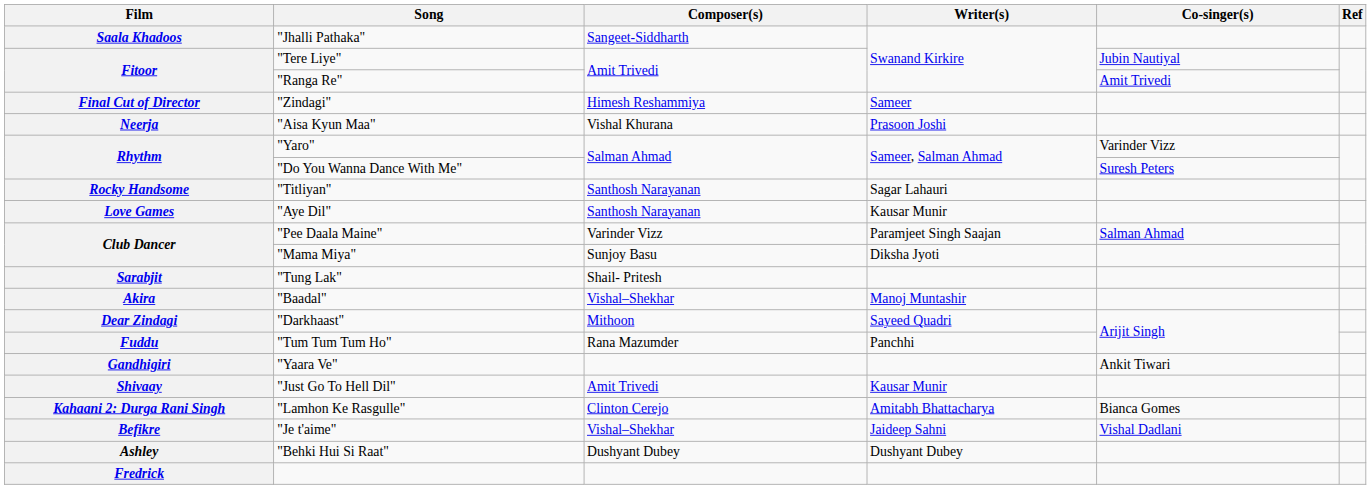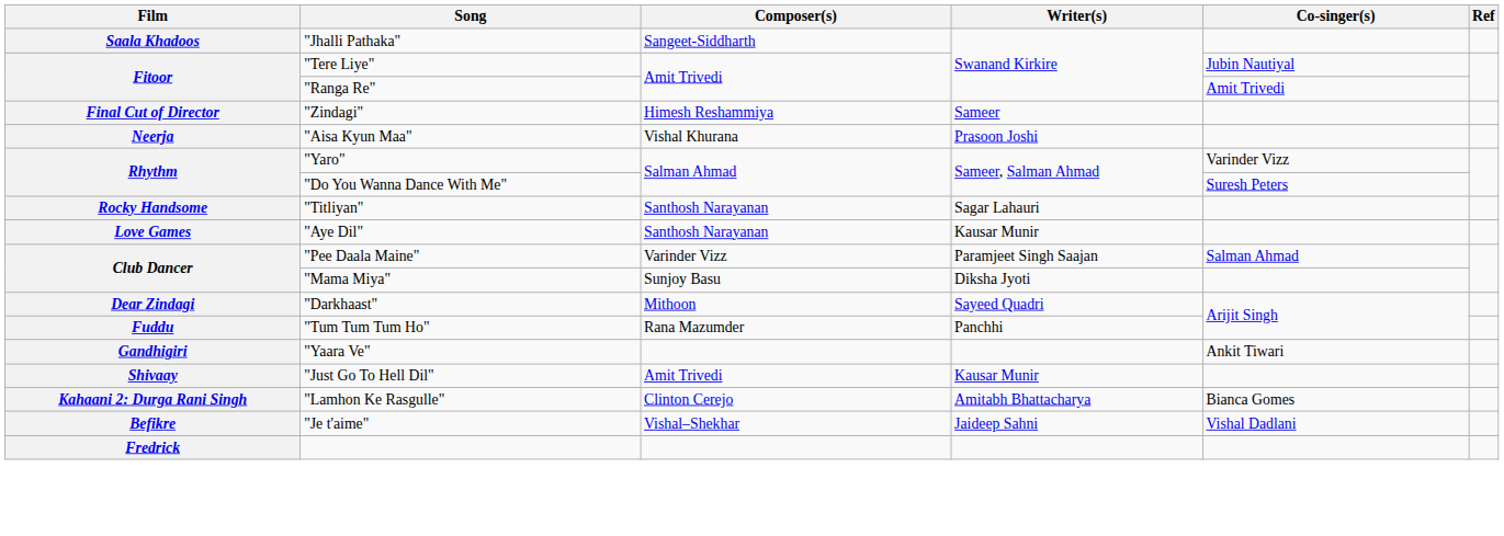 <table class="wikitable plainrowheaders" width="100%">
 <tr>
 <th width=20%>Film</th>
 <th width=23%>Song</th>
 <th width=21%>Composer(s)</th>
 <th width=17%>Writer(s)</th>
 <th width=18%>Co-singer(s)</th>
 <th width=1%>Ref</th>
 </tr>
 <tr>
 <th scope="row"><em><a href='#'>Saala Khadoos</a></em></th>
 <td>"Jhalli Pathaka"</td>
 <td><a href='#'>Sangeet-Siddharth</a></td>
 <td rowspan="3"><a href='#'>Swanand Kirkire</a></td>
 <td></td>
 <td></td>
 </tr>
 <tr>
 <th scope="row" rowspan="2"><em><a href='#'>Fitoor</a></em></th>
 <td>"Tere Liye"</td>
 <td rowspan="2"><a href='#'>Amit Trivedi</a></td>
 <td><a href='#'>Jubin Nautiyal</a></td>
 <td rowspan="2"></td>
 </tr>
 <tr>
 <td>"Ranga Re"</td>
 <td><a href='#'>Amit Trivedi</a></td>
 </tr>
 <tr>
 <th scope="row"><em><a href='#'>Final Cut of Director</a></em></th>
 <td>"Zindagi"</td>
 <td><a href='#'>Himesh Reshammiya</a></td>
 <td><a href='#'>Sameer</a></td>
 <td></td>
 <td></td>
 </tr>
 <tr>
 <th scope="row"><em><a href='#'>Neerja</a></em></th>
 <td>"Aisa Kyun Maa"</td>
 <td>Vishal Khurana</td>
 <td><a href='#'>Prasoon Joshi</a></td>
 <td></td>
 <td></td>
 </tr>
 <tr>
 <th scope="row" rowspan="2"><em><a href='#'>Rhythm</a></em></th>
 <td>"Yaro"</td>
 <td rowspan="2"><a href='#'>Salman Ahmad</a></td>
 <td rowspan="2"><a href='#'>Sameer</a>, <a href='#'>Salman Ahmad</a></td>
 <td>Varinder Vizz</td>
 <td rowspan="2"></td>
 </tr>
 <tr>
 <td>"Do You Wanna Dance With Me"</td>
 <td><a href='#'>Suresh Peters</a></td>
 </tr>
 <tr>
 <th scope="row"><em><a href='#'>Rocky Handsome</a></em></th>
 <td>"Titliyan"</td>
 <td><a href='#'>Santhosh Narayanan</a></td>
 <td>Sagar Lahauri</td>
 <td></td>
 <td></td>
 </tr>
 <tr>
 <th scope="row"><em><a href='#'>Love Games</a></em></th>
 <td>"Aye Dil"</td>
 <td><a href='#'>Santhosh Narayanan</a></td>
 <td>Kausar Munir</td>
 <td></td>
 <td></td>
 </tr>
 <tr>
 <th scope="row" rowspan="2"><em>Club Dancer</em></th>
 <td>"Pee Daala Maine"</td>
 <td>Varinder Vizz</td>
 <td>Paramjeet Singh Saajan</td>
 <td><a href='#'>Salman Ahmad</a></td>
 <td rowspan="2"></td>
 </tr>
 <tr>
 <td>"Mama Miya"</td>
 <td>Sunjoy Basu</td>
 <td>Diksha Jyoti</td>
 <td></td>
 </tr>
 <tr>
-<th scope="row"><em><a href='#'>Sarabjit</a></em></th>
-<td>"Tung Lak"</td>
-<td>Shail- Pritesh</td>
-<td></td>
-<td></td>
-<td></td>
-</tr>
-<tr>
-<th scope="row"><em><a href='#'>Akira</a></em></th>
-<td>"Baadal"</td>
-<td><a href='#'>Vishal–Shekhar</a></td>
-<td><a href='#'>Manoj Muntashir</a></td>
-<td></td>
-<td></td>
-</tr>
-<tr>
 <th scope="row"><em><a href='#'>Dear Zindagi</a></em></th>
 <td>"Darkhaast"</td>
 <td><a href='#'>Mithoon</a></td>
 <td><a href='#'>Sayeed Quadri</a></td>
 <td rowspan="2"><a href='#'>Arijit Singh</a></td>
 <td></td>
 </tr>
 <tr>
 <th scope="row"><em><a href='#'>Fuddu</a></em></th>
 <td>"Tum Tum Tum Ho"</td>
 <td>Rana Mazumder</td>
 <td>Panchhi</td>
 <td></td>
 </tr>
 <tr>
 <th scope="row"><em><a href='#'>Gandhigiri</a></em></th>
 <td>"Yaara Ve"</td>
 <td></td>
 <td></td>
 <td>Ankit Tiwari</td>
 <td></td>
 </tr>
 <tr>
 <th scope="row"><em><a href='#'>Shivaay</a></em></th>
 <td>"Just Go To Hell Dil"</td>
 <td><a href='#'>Amit Trivedi</a></td>
 <td><a href='#'>Kausar Munir</a></td>
 <td></td>
 <td></td>
 </tr>
 <tr>
 <th scope="row"><em><a href='#'>Kahaani 2: Durga Rani Singh</a></em></th>
 <td>"Lamhon Ke Rasgulle"</td>
 <td><a href='#'>Clinton Cerejo</a></td>
 <td><a href='#'>Amitabh Bhattacharya</a></td>
 <td>Bianca Gomes</td>
 <td></td>
 </tr>
 <tr>
 <th scope="row"><em><a href='#'>Befikre</a></em></th>
 <td>"Je t'aime"</td>
 <td><a href='#'>Vishal–Shekhar</a></td>
 <td><a href='#'>Jaideep Sahni</a></td>
 <td><a href='#'>Vishal Dadlani</a></td>
 <td></td>
 </tr>
 <tr>
-<th scope="row"><em>Ashley</em></th>
-<td>"Behki Hui Si Raat"</td>
-<td>Dushyant Dubey</td>
-<td>Dushyant Dubey</td>
-<td></td>
-<td></td>
-</tr>
-<tr>
 <th scope="row"><em><a href='#'>Fredrick</a></em></th>
 <td></td>
 <td></td>
 <td></td>
 <td></td>
 <td></td>
 </tr>
 </table>
